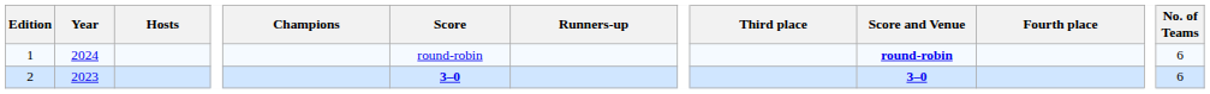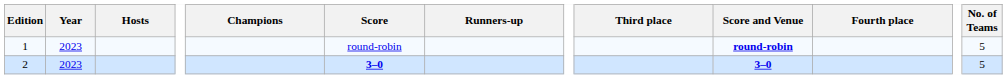 <table class="wikitable" style="text-align:center;width:100%; font-size:90%;">
 <tr>
 <th width=2%>Edition</th>
 <th width=5%>Year</th>
 <th width=8%>Hosts</th>
 <td rowspan="5" style="width:1%;background:#fff;border-top-style:hidden;border-bottom-style:hidden;"></td>
 <th style="width:14%;">Champions</th>
 <th width=10%>Score</th>
 <th style="width:14%;">Runners-up</th>
 <td rowspan="5" style="width:1%;background:#fff;border-top-style:hidden;border-bottom-style:hidden;"></td>
 <th style="width:14%;">Third place</th>
 <th width=10%>Score and Venue</th>
 <th style="width:14%;">Fourth place</th>
 <td rowspan="5" style="width:1%;background:#fff;border-top-style:hidden;border-bottom-style:hidden;"></td>
 <th width=4%>No. of Teams</th>
 </tr>
 <tr bgcolor=#F5FAFF>
 <td>1</td>
-<td><a href='#'>2024</a></td>
+<td><a href='#'>2023</a></td>
 <td align="left"></td>
 <td><strong></strong></td>
 <td><a href='#'>round-robin</a></td>
 <td></td>
 <td></td>
 <td><strong><a href='#'>round-robin</a></strong></td>
 <td></td>
-<td>6</td>
+<td>5</td>
 </tr>
 <tr bgcolor=#D0E6FF>
 <td>2</td>
 <td><a href='#'>2023</a></td>
 <td align="left"></td>
 <td></td>
 <td><strong><a href='#'>3–0</a></strong></td>
 <td></td>
 <td></td>
 <td><strong><a href='#'>3–0</a></strong></td>
 <td></td>
-<td>6</td>
+<td>5</td>
 </tr>
 </table>
